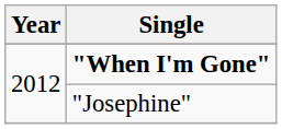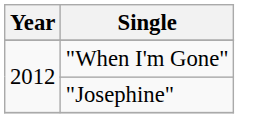 <table class="wikitable" style="text-align:center;">
 <tr>
 <th rowspan="1">Year</th>
 <th rowspan="1">Single</th>
 </tr>
 <tr style="font-size:smaller;">
 </tr>
 <tr>
 <td rowspan="2">2012</td>
-<td align="left"><strong>"When I'm Gone"</strong></td>
+<td align="left">"When I'm Gone"</td>
 </tr>
 <tr>
 <td align="left">"Josephine"</td>
 </tr>
 <tr>
 </tr>
 </table>
